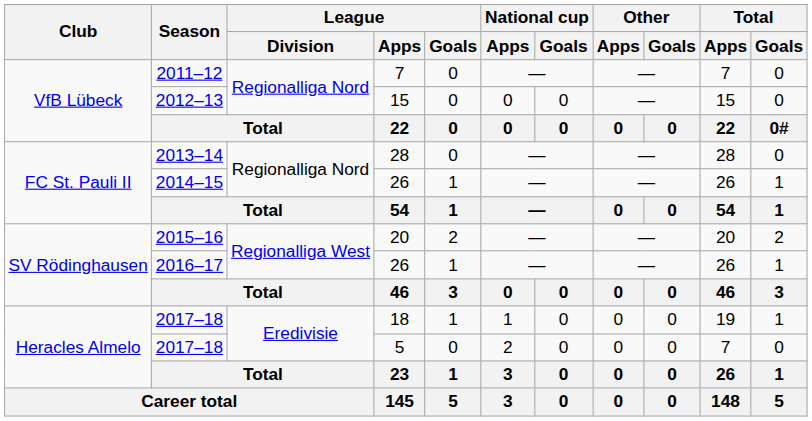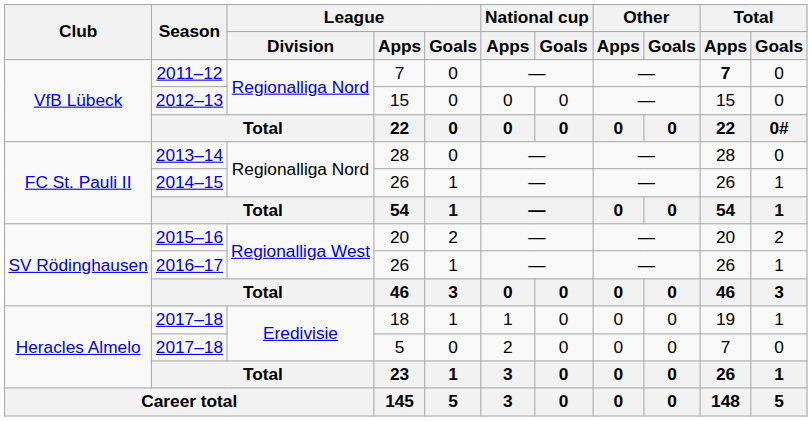 <table class="wikitable" style="text-align:center">
 <tr>
 <th rowspan="2">Club</th>
 <th rowspan="2">Season</th>
 <th colspan="3">League</th>
 <th colspan="2">National cup</th>
 <th colspan="2">Other</th>
 <th colspan="2">Total</th>
 </tr>
 <tr>
 <th>Division</th>
 <th>Apps</th>
 <th>Goals</th>
 <th>Apps</th>
 <th>Goals</th>
 <th>Apps</th>
 <th>Goals</th>
 <th>Apps</th>
 <th>Goals</th>
 </tr>
 <tr>
 <td rowspan="3"><a href='#'>VfB Lübeck</a></td>
 <td><a href='#'>2011–12</a></td>
 <td rowspan="2"><a href='#'>Regionalliga Nord</a></td>
 <td>7</td>
 <td>0</td>
 <td colspan="2">—</td>
 <td colspan="2">—</td>
-<td>7</td>
+<td><strong>7</strong></td>
 <td>0</td>
 </tr>
 <tr>
 <td><a href='#'>2012–13</a></td>
 <td>15</td>
 <td>0</td>
 <td>0</td>
 <td>0</td>
 <td colspan="2">—</td>
 <td>15</td>
 <td>0</td>
 </tr>
 <tr>
 <th colspan="2">Total</th>
 <th>22</th>
 <th>0</th>
 <th>0</th>
 <th>0</th>
 <th>0</th>
 <th>0</th>
 <th>22</th>
 <th>0#</th>
 </tr>
 <tr>
 <td rowspan="3"><a href='#'>FC St. Pauli II</a></td>
 <td><a href='#'>2013–14</a></td>
 <td rowspan="2">Regionalliga Nord</td>
 <td>28</td>
 <td>0</td>
 <td colspan="2">—</td>
 <td colspan="2">—</td>
 <td>28</td>
 <td>0</td>
 </tr>
 <tr>
 <td><a href='#'>2014–15</a></td>
 <td>26</td>
 <td>1</td>
 <td colspan="2">—</td>
 <td colspan="2">—</td>
 <td>26</td>
 <td>1</td>
 </tr>
 <tr>
 <th colspan="2">Total</th>
 <th>54</th>
 <th>1</th>
 <th colspan="2">—</th>
 <th>0</th>
 <th>0</th>
 <th>54</th>
 <th>1</th>
 </tr>
 <tr>
 <td rowspan="3"><a href='#'>SV Rödinghausen</a></td>
 <td><a href='#'>2015–16</a></td>
 <td rowspan="2"><a href='#'>Regionalliga West</a></td>
 <td>20</td>
 <td>2</td>
 <td colspan="2">—</td>
 <td colspan="2">—</td>
 <td>20</td>
 <td>2</td>
 </tr>
 <tr>
 <td><a href='#'>2016–17</a></td>
 <td>26</td>
 <td>1</td>
 <td colspan="2">—</td>
 <td colspan="2">—</td>
 <td>26</td>
 <td>1</td>
 </tr>
 <tr>
 <th colspan="2">Total</th>
 <th>46</th>
 <th>3</th>
 <th>0</th>
 <th>0</th>
 <th>0</th>
 <th>0</th>
 <th>46</th>
 <th>3</th>
 </tr>
 <tr>
 <td rowspan="3"><a href='#'>Heracles Almelo</a></td>
 <td><a href='#'>2017–18</a></td>
 <td rowspan="2"><a href='#'>Eredivisie</a></td>
 <td>18</td>
 <td>1</td>
 <td>1</td>
 <td>0</td>
 <td>0</td>
 <td>0</td>
 <td>19</td>
 <td>1</td>
 </tr>
 <tr>
 <td><a href='#'>2017–18</a></td>
 <td>5</td>
 <td>0</td>
 <td>2</td>
 <td>0</td>
 <td>0</td>
 <td>0</td>
 <td>7</td>
 <td>0</td>
 </tr>
 <tr>
 <th colspan="2">Total</th>
 <th>23</th>
 <th>1</th>
 <th>3</th>
 <th>0</th>
 <th>0</th>
 <th>0</th>
 <th>26</th>
 <th>1</th>
 </tr>
 <tr>
 <th colspan="3">Career total</th>
 <th>145</th>
 <th>5</th>
 <th>3</th>
 <th>0</th>
 <th>0</th>
 <th>0</th>
 <th>148</th>
 <th>5</th>
 </tr>
 </table>
